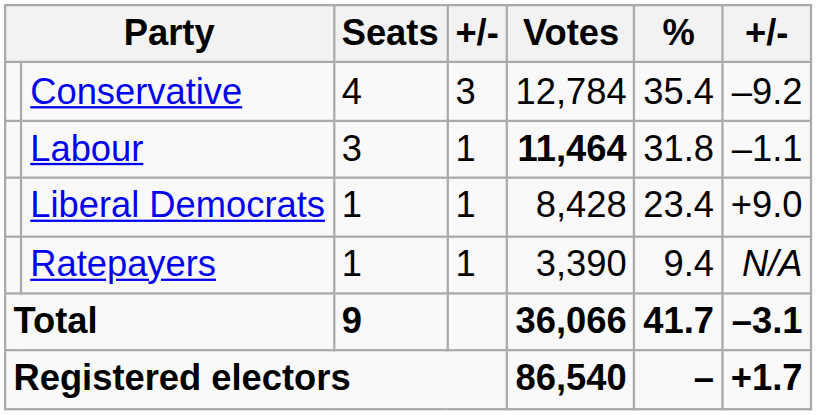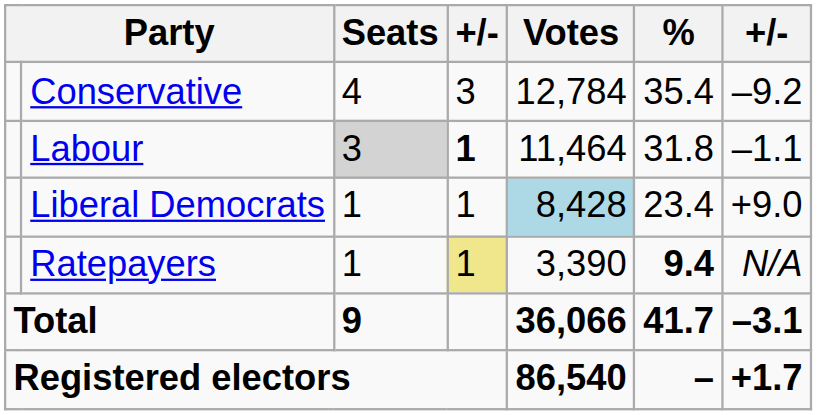 <table class="wikitable sortable">
 <tr>
 <th colspan="2">Party</th>
 <th>Seats</th>
 <th>+/-</th>
 <th>Votes</th>
 <th>%</th>
 <th>+/-</th>
 </tr>
 <tr>
 <td style="background-color: "></td>
 <td><a href='#'>Conservative</a></td>
 <td>4</td>
 <td> 3</td>
 <td style="text-align:right;">12,784</td>
 <td style="text-align:right;">35.4</td>
 <td style="text-align:right;">–9.2</td>
 </tr>
 <tr>
 <td style="background-color: "></td>
 <td><a href='#'>Labour</a></td>
-<td>3</td>
-<td> 1</td>
-<td style="text-align:right;"><strong>11,464</strong></td>
+<td style="background: lightgrey;">3</td>
+<td><strong> 1</strong></td>
+<td style="text-align:right;">11,464</td>
 <td style="text-align:right;">31.8</td>
 <td style="text-align:right;">–1.1</td>
 </tr>
 <tr>
 <td style="background-color: "></td>
 <td><a href='#'>Liberal Democrats</a></td>
 <td>1</td>
 <td> 1</td>
-<td style="text-align:right;">8,428</td>
+<td style="background: lightblue; text-align:right;">8,428</td>
 <td style="text-align:right;">23.4</td>
 <td style="text-align:right;">+9.0</td>
 </tr>
 <tr>
 <td style="background-color: "></td>
 <td><a href='#'>Ratepayers</a></td>
 <td>1</td>
-<td> 1</td>
+<td style="background: khaki;"> 1</td>
 <td style="text-align:right;">3,390</td>
-<td style="text-align:right;">9.4</td>
+<td style="text-align:right;"><strong>9.4</strong></td>
 <td style="text-align:right;"><em>N/A</em></td>
 </tr>
 <tr>
 <td colspan="2"><strong>Total</strong></td>
 <td><strong>9</strong></td>
 <td></td>
 <td style="text-align:right;"><strong>36,066</strong></td>
 <td style="text-align:right;"><strong>41.7</strong></td>
 <td style="text-align:right;"><strong>–3.1</strong></td>
 </tr>
 <tr>
 <td colspan="4"><strong>Registered electors</strong></td>
 <td style="text-align:right;"><strong>86,540</strong></td>
 <td style="text-align:right;"><strong>–</strong></td>
 <td style="text-align:right;"><strong>+1.7</strong></td>
 </tr>
 </table>
